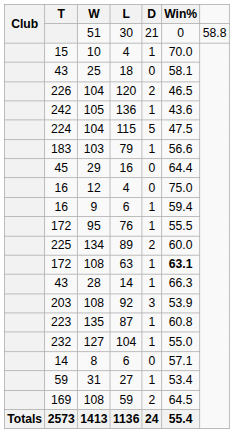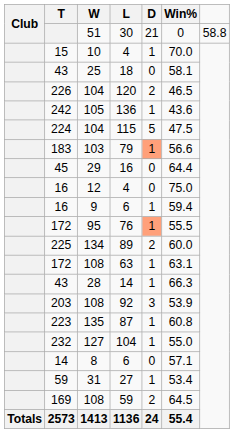 <table class="wikitable plainrowheaders sortable" style="text-align:center;">
 <tr>
 <th scope="col" rowspan="2">Club</th>
 <th scope="col">T</th>
 <th scope="col">W</th>
 <th scope="col">L</th>
 <th scope="col">D</th>
 <th scope="col">Win%</th>
 </tr>
 <tr>
 <th scope="row" style="text-align:left;"></th>
 <td>51</td>
 <td>30</td>
 <td>21</td>
 <td>0</td>
 <td>58.8</td>
 </tr>
 <tr>
 <th scope="row"  style="text-align:left;"></th>
 <td>15</td>
 <td>10</td>
 <td>4</td>
 <td>1</td>
 <td>70.0</td>
 </tr>
 <tr>
 <th scope="row" style="text-align:left;"></th>
 <td>43</td>
 <td>25</td>
 <td>18</td>
 <td>0</td>
 <td>58.1</td>
 </tr>
 <tr>
 <th scope="row" style="text-align:left;"></th>
 <td>226</td>
 <td>104</td>
 <td>120</td>
 <td>2</td>
 <td>46.5</td>
 </tr>
 <tr>
 <th scope="row" style="text-align:left;"></th>
 <td>242</td>
 <td>105</td>
 <td>136</td>
 <td>1</td>
 <td>43.6</td>
 </tr>
 <tr>
 <th scope="row" style="text-align:left;"></th>
 <td>224</td>
 <td>104</td>
 <td>115</td>
 <td>5</td>
 <td>47.5</td>
 </tr>
 <tr>
 <th scope="row"  style="text-align:left;"></th>
 <td>183</td>
 <td>103</td>
 <td>79</td>
-<td>1</td>
+<td style="background: lightsalmon;">1</td>
 <td>56.6</td>
 </tr>
 <tr>
 <th scope="row" style="text-align:left;"></th>
 <td>45</td>
 <td>29</td>
 <td>16</td>
 <td>0</td>
 <td>64.4</td>
 </tr>
 <tr>
 <th scope="row" style="text-align:left;"></th>
 <td>16</td>
 <td>12</td>
 <td>4</td>
 <td>0</td>
 <td>75.0</td>
 </tr>
 <tr>
 <th scope="row" style="text-align:left;"></th>
 <td>16</td>
 <td>9</td>
 <td>6</td>
 <td>1</td>
 <td>59.4</td>
 </tr>
 <tr>
 <th scope="row" style="text-align:left;"></th>
 <td>172</td>
 <td>95</td>
 <td>76</td>
-<td>1</td>
+<td style="background: lightsalmon;">1</td>
 <td>55.5</td>
 </tr>
 <tr>
 <th scope="row" style="text-align:left;"></th>
 <td>225</td>
 <td>134</td>
 <td>89</td>
 <td>2</td>
 <td>60.0</td>
 </tr>
 <tr>
 <th scope="row" style="text-align:left;"></th>
 <td>172</td>
 <td>108</td>
 <td>63</td>
 <td>1</td>
-<td><strong>63.1</strong></td>
+<td>63.1</td>
 </tr>
 <tr>
 <th scope="row" style="text-align:left;"></th>
 <td>43</td>
 <td>28</td>
 <td>14</td>
 <td>1</td>
 <td>66.3</td>
 </tr>
 <tr>
 <th scope="row" style="text-align:left;"></th>
 <td>203</td>
 <td>108</td>
 <td>92</td>
 <td>3</td>
 <td>53.9</td>
 </tr>
 <tr>
 <th scope="row" style="text-align:left;"></th>
 <td>223</td>
 <td>135</td>
 <td>87</td>
 <td>1</td>
 <td>60.8</td>
 </tr>
 <tr>
 <th scope="row" style="text-align:left;"></th>
 <td>232</td>
 <td>127</td>
 <td>104</td>
 <td>1</td>
 <td>55.0</td>
 </tr>
 <tr>
 <th scope="row"  style="text-align:left;"></th>
 <td>14</td>
 <td>8</td>
 <td>6</td>
 <td>0</td>
 <td>57.1</td>
 </tr>
 <tr>
 <th scope="row" style="text-align:left;"></th>
 <td>59</td>
 <td>31</td>
 <td>27</td>
 <td>1</td>
 <td>53.4</td>
 </tr>
 <tr>
 <th scope="row" style="text-align:left;"></th>
 <td>169</td>
 <td>108</td>
 <td>59</td>
 <td>2</td>
 <td>64.5</td>
 </tr>
 <tr class="sortbottom">
 <th>Totals</th>
 <th>2573</th>
 <th>1413</th>
 <th>1136</th>
 <th>24</th>
 <th>55.4</th>
 </tr>
 </table>
